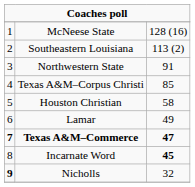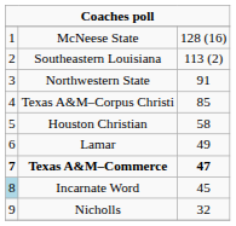 <table class="wikitable">
 <tr align="center">
 <td align="center" Colspan="3"><strong>Coaches poll</strong></td>
 </tr>
 <tr align="center">
 </tr>
 <tr align="center">
 <td>1</td>
 <td>McNeese State</td>
 <td>128 (16)</td>
 </tr>
 <tr align="center">
 <td>2</td>
 <td>Southeastern Louisiana</td>
 <td>113 (2)</td>
 </tr>
 <tr align="center">
 <td>3</td>
 <td>Northwestern State</td>
 <td>91</td>
 </tr>
 <tr align="center">
 <td>4</td>
 <td>Texas A&M–Corpus Christi</td>
 <td>85</td>
 </tr>
 <tr align="center">
 <td>5</td>
 <td>Houston Christian</td>
 <td>58</td>
 </tr>
 <tr align="center">
 <td>6</td>
 <td>Lamar</td>
 <td>49</td>
 </tr>
 <tr align="center">
 <td><strong>7</strong></td>
 <td><strong>Texas A&M–Commerce</strong></td>
 <td><strong>47</strong></td>
 </tr>
 <tr align="center">
-<td>8</td>
+<td style="background: lightblue;">8</td>
 <td>Incarnate Word</td>
-<td><strong>45</strong></td>
+<td>45</td>
 </tr>
 <tr align="center">
-<td><strong>9</strong></td>
+<td>9</td>
 <td>Nicholls</td>
 <td>32</td>
 </tr>
 <tr align="center">
 </tr>
 </table>
